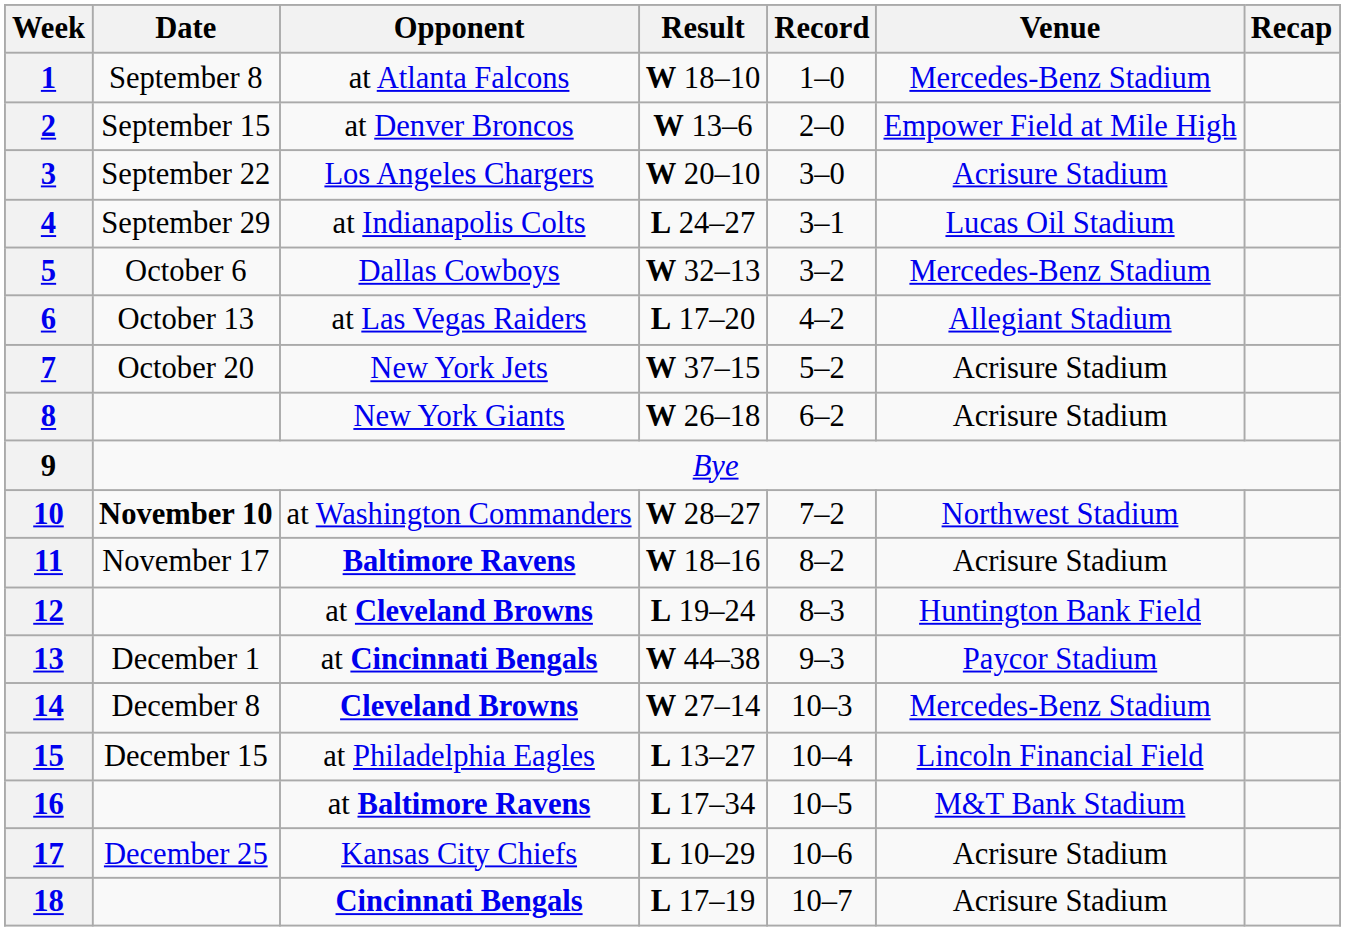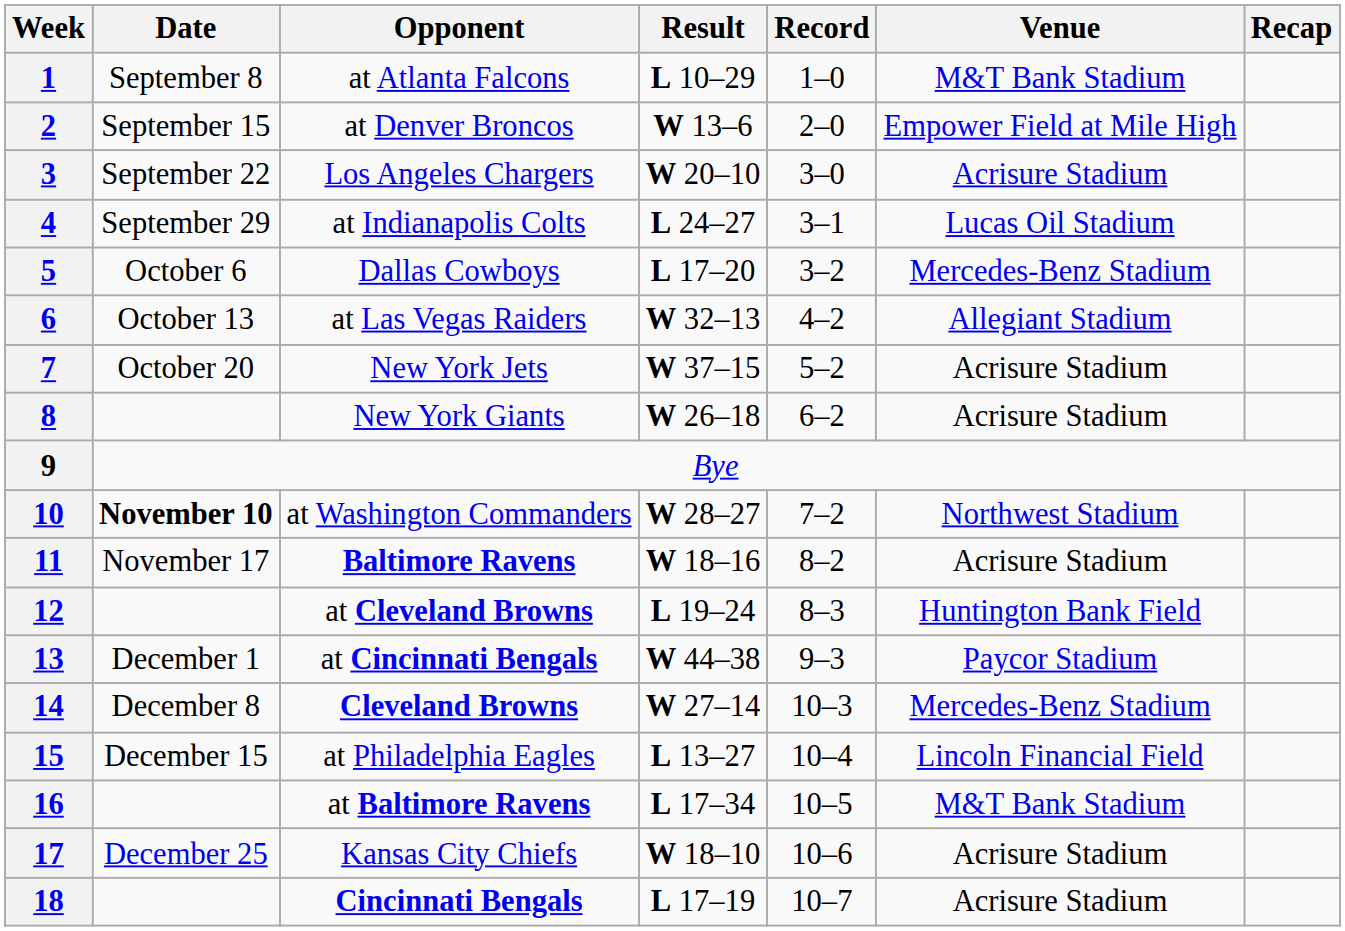 <table class="wikitable" style="text-align:center">
 <tr>
 <th>Week</th>
 <th>Date</th>
 <th>Opponent</th>
 <th>Result</th>
 <th>Record</th>
 <th>Venue</th>
 <th>Recap</th>
 </tr>
 <tr>
 <th><a href='#'>1</a></th>
 <td>September 8</td>
 <td>at <a href='#'>Atlanta Falcons</a></td>
-<td><strong>W</strong> 18–10</td>
+<td><strong>L</strong> 10–29</td>
 <td>1–0</td>
-<td><a href='#'>Mercedes-Benz Stadium</a></td>
+<td><a href='#'>M&T Bank Stadium</a></td>
 <td></td>
 </tr>
 <tr>
 <th><a href='#'>2</a></th>
 <td>September 15</td>
 <td>at <a href='#'>Denver Broncos</a></td>
 <td><strong>W</strong> 13–6</td>
 <td>2–0</td>
 <td><a href='#'>Empower Field at Mile High</a></td>
 <td></td>
 </tr>
 <tr>
 <th><a href='#'>3</a></th>
 <td>September 22</td>
 <td><a href='#'>Los Angeles Chargers</a></td>
 <td><strong>W</strong> 20–10</td>
 <td>3–0</td>
 <td><a href='#'>Acrisure Stadium</a></td>
 <td></td>
 </tr>
 <tr>
 <th><a href='#'>4</a></th>
 <td>September 29</td>
 <td>at <a href='#'>Indianapolis Colts</a></td>
 <td><strong>L</strong> 24–27</td>
 <td>3–1</td>
 <td><a href='#'>Lucas Oil Stadium</a></td>
 <td></td>
 </tr>
 <tr>
 <th><a href='#'>5</a></th>
 <td>October 6</td>
 <td><a href='#'>Dallas Cowboys</a></td>
-<td><strong>W</strong> 32–13</td>
+<td><strong>L</strong> 17–20</td>
 <td>3–2</td>
 <td><a href='#'>Mercedes-Benz Stadium</a></td>
 <td></td>
 </tr>
 <tr>
 <th><a href='#'>6</a></th>
 <td>October 13</td>
 <td>at <a href='#'>Las Vegas Raiders</a></td>
-<td><strong>L</strong> 17–20</td>
+<td><strong>W</strong> 32–13</td>
 <td>4–2</td>
 <td><a href='#'>Allegiant Stadium</a></td>
 <td></td>
 </tr>
 <tr>
 <th><a href='#'>7</a></th>
 <td>October 20</td>
 <td><a href='#'>New York Jets</a></td>
 <td><strong>W</strong> 37–15</td>
 <td>5–2</td>
 <td>Acrisure Stadium</td>
 <td></td>
 </tr>
 <tr>
 <th><a href='#'>8</a></th>
 <td></td>
 <td><a href='#'>New York Giants</a></td>
 <td><strong>W</strong> 26–18</td>
 <td>6–2</td>
 <td>Acrisure Stadium</td>
 <td></td>
 </tr>
 <tr>
 <th>9</th>
 <td colspan="6"><em><a href='#'>Bye</a></em></td>
 </tr>
 <tr>
 <th><a href='#'>10</a></th>
 <td><strong>November 10</strong></td>
 <td>at <a href='#'>Washington Commanders</a></td>
 <td><strong>W</strong> 28–27</td>
 <td>7–2</td>
 <td><a href='#'>Northwest Stadium</a></td>
 <td></td>
 </tr>
 <tr>
 <th><a href='#'>11</a></th>
 <td>November 17</td>
 <td><strong><a href='#'>Baltimore Ravens</a></strong></td>
 <td><strong>W</strong> 18–16</td>
 <td>8–2</td>
 <td>Acrisure Stadium</td>
 <td></td>
 </tr>
 <tr>
 <th><a href='#'>12</a></th>
 <td></td>
 <td>at <strong><a href='#'>Cleveland Browns</a></strong></td>
 <td><strong>L</strong> 19–24</td>
 <td>8–3</td>
 <td><a href='#'>Huntington Bank Field</a></td>
 <td></td>
 </tr>
 <tr>
 <th><a href='#'>13</a></th>
 <td>December 1</td>
 <td>at <strong><a href='#'>Cincinnati Bengals</a></strong></td>
 <td><strong>W</strong> 44–38</td>
 <td>9–3</td>
 <td><a href='#'>Paycor Stadium</a></td>
 <td></td>
 </tr>
 <tr>
 <th><a href='#'>14</a></th>
 <td>December 8</td>
 <td><strong><a href='#'>Cleveland Browns</a></strong></td>
 <td><strong>W</strong> 27–14</td>
 <td>10–3</td>
 <td><a href='#'>Mercedes-Benz Stadium</a></td>
 <td></td>
 </tr>
 <tr>
 <th><a href='#'>15</a></th>
 <td>December 15</td>
 <td>at <a href='#'>Philadelphia Eagles</a></td>
 <td><strong>L</strong> 13–27</td>
 <td>10–4</td>
 <td><a href='#'>Lincoln Financial Field</a></td>
 <td></td>
 </tr>
 <tr>
 <th><a href='#'>16</a></th>
 <td></td>
 <td>at <strong><a href='#'>Baltimore Ravens</a></strong></td>
 <td><strong>L</strong> 17–34</td>
 <td>10–5</td>
 <td><a href='#'>M&T Bank Stadium</a></td>
 <td></td>
 </tr>
 <tr>
 <th><a href='#'>17</a></th>
 <td><a href='#'>December 25</a></td>
 <td><a href='#'>Kansas City Chiefs</a></td>
-<td><strong>L</strong> 10–29</td>
+<td><strong>W</strong> 18–10</td>
 <td>10–6</td>
 <td>Acrisure Stadium</td>
 <td></td>
 </tr>
 <tr>
 <th><a href='#'>18</a></th>
 <td></td>
 <td><strong><a href='#'>Cincinnati Bengals</a></strong></td>
 <td><strong>L</strong> 17–19</td>
 <td>10–7</td>
 <td>Acrisure Stadium</td>
 <td></td>
 </tr>
 </table>
